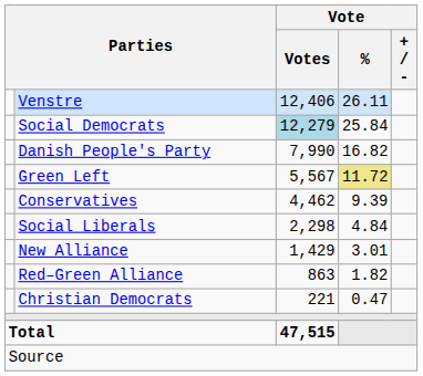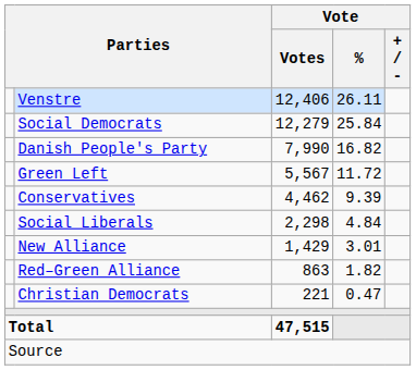 <table class="wikitable" style="text-align:right;">
 <tr>
 <th style="text-align:centre;" rowspan="2" colspan="2" width="225">Parties</th>
 <th colspan="3">Vote</th>
 </tr>
 <tr>
 <th width="15">Votes</th>
 <th width="15">%</th>
 <th width="15">+ / -</th>
 </tr>
 <tr>
 <td width="2" style="color:inherit;background:"></td>
 <td bgcolor=#cfe5fe  align="left"><a href='#'>Venstre</a></td>
 <td bgcolor=#cfe5fe>12,406</td>
 <td bgcolor=#cfe5fe>26.11</td>
 <td></td>
 </tr>
 <tr>
 <td width="2" style="color:inherit;background:"></td>
 <td align="left"><a href='#'>Social Democrats</a></td>
-<td style="background: lightblue;">12,279</td>
+<td>12,279</td>
 <td>25.84</td>
 <td></td>
 </tr>
 <tr>
 <td width="2" style="color:inherit;background:"></td>
 <td align="left"><a href='#'>Danish People's Party</a></td>
 <td>7,990</td>
 <td>16.82</td>
 <td></td>
 </tr>
 <tr>
 <td width="2" style="color:inherit;background:"></td>
 <td align="left"><a href='#'>Green Left</a></td>
 <td>5,567</td>
-<td style="background: khaki;">11.72</td>
+<td>11.72</td>
 <td></td>
 </tr>
 <tr>
 <td width="2" style="color:inherit;background:"></td>
 <td align="left"><a href='#'>Conservatives</a></td>
 <td>4,462</td>
 <td>9.39</td>
 <td></td>
 </tr>
 <tr>
 <td width="2" style="color:inherit;background:"></td>
 <td align="left"><a href='#'>Social Liberals</a></td>
 <td>2,298</td>
 <td>4.84</td>
 <td></td>
 </tr>
 <tr>
 <td width="2" style="color:inherit;background:"></td>
 <td align="left"><a href='#'>New Alliance</a></td>
 <td>1,429</td>
 <td>3.01</td>
 <td></td>
 </tr>
 <tr>
 <td width="2" style="color:inherit;background:"></td>
 <td align="left"><a href='#'>Red–Green Alliance</a></td>
 <td>863</td>
 <td>1.82</td>
 <td></td>
 </tr>
 <tr>
 <td width="2" style="color:inherit;background:"></td>
 <td align="left"><a href='#'>Christian Democrats</a></td>
 <td>221</td>
 <td>0.47</td>
 <td></td>
 </tr>
 <tr>
 <td colspan="7" bgcolor="#E9E9E9"></td>
 </tr>
 <tr>
 <td align="left" colspan="2"><strong>Total</strong></td>
 <td><strong>47,515</strong></td>
 <td bgcolor="#E9E9E9" colspan="2"></td>
 </tr>
 <tr>
 <td align="left" colspan="6">Source</td>
 </tr>
 </table>
